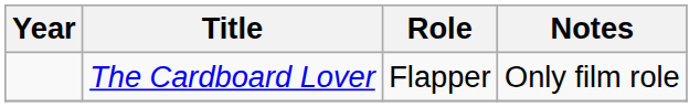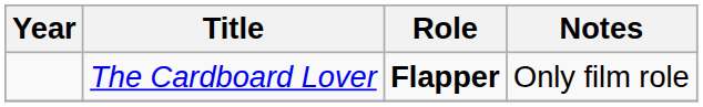 <table class="wikitable sortable">
 <tr>
 <th>Year</th>
 <th>Title</th>
 <th>Role</th>
 <th class="unsortable">Notes</th>
 </tr>
 <tr>
 <td></td>
 <td><em><a href='#'>The Cardboard Lover</a></em></td>
-<td>Flapper</td>
+<td><strong>Flapper</strong></td>
 <td>Only film role</td>
 </tr>
 <tr>
 </tr>
 </table>
